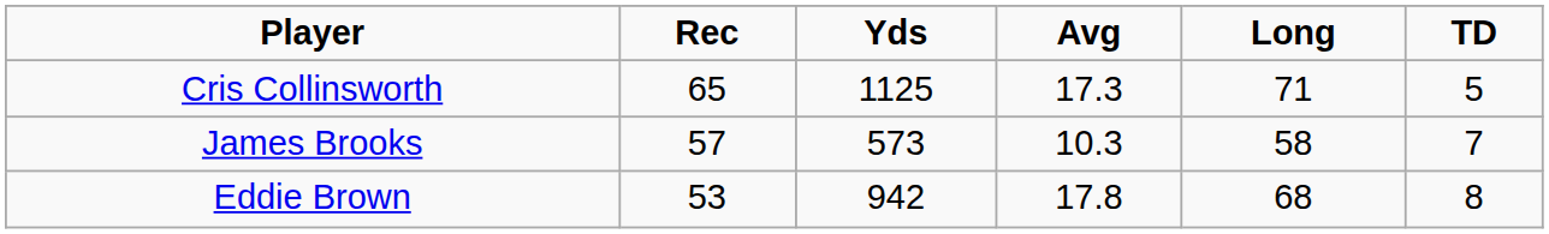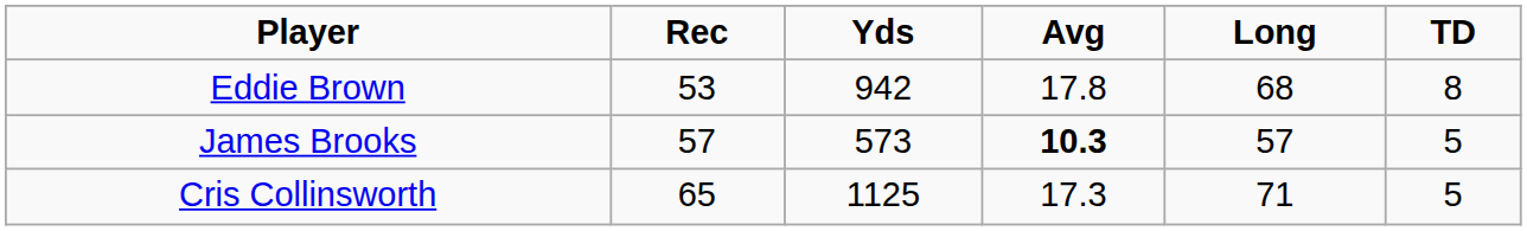 <table class="wikitable" width="80%">
 <tr align="center">
 <td><strong>Player</strong></td>
 <td><strong>Rec</strong></td>
 <td><strong>Yds</strong></td>
 <td><strong>Avg</strong></td>
 <td><strong>Long</strong></td>
 <td><strong>TD</strong></td>
 </tr>
 <tr align="center" bgcolor="">
+<td><a href='#'>Eddie Brown</a></td>
+<td>53</td>
+<td>942</td>
+<td>17.8</td>
+<td>68</td>
+<td>8</td>
+</tr>
+<tr align="center" bgcolor="">
+<td><a href='#'>James Brooks</a></td>
+<td>57</td>
+<td>573</td>
+<td><strong>10.3</strong></td>
+<td>57</td>
+<td>5</td>
+</tr>
+<tr align="center" bgcolor="">
 <td><a href='#'>Cris Collinsworth</a></td>
 <td>65</td>
 <td>1125</td>
 <td>17.3</td>
 <td>71</td>
 <td>5</td>
 </tr>
-<tr align="center" bgcolor="">
-<td><a href='#'>James Brooks</a></td>
-<td>57</td>
-<td>573</td>
-<td>10.3</td>
-<td>58</td>
-<td>7</td>
-</tr>
-<tr align="center" bgcolor="">
-<td><a href='#'>Eddie Brown</a></td>
-<td>53</td>
-<td>942</td>
-<td>17.8</td>
-<td>68</td>
-<td>8</td>
-</tr>
 </table>
